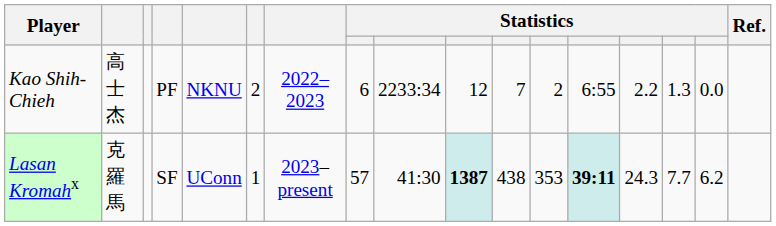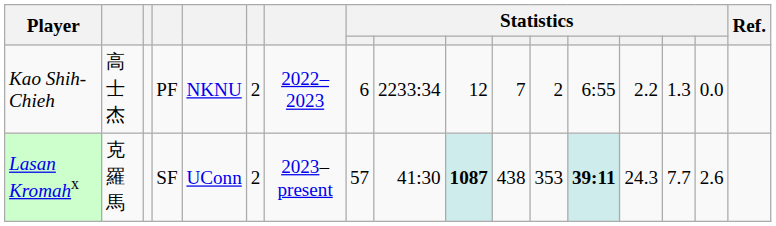 <table class="wikitable sortable" style="font-size:95%; text-align:right;">
 <tr>
 <th rowspan="2">Player</th>
 <th rowspan="2"></th>
 <th rowspan="2"></th>
 <th rowspan="2"></th>
 <th rowspan="2"></th>
 <th rowspan="2"></th>
 <th rowspan="2"></th>
 <th colspan="9">Statistics</th>
 <th rowspan="2">Ref.</th>
 </tr>
 <tr>
 <th></th>
 <th></th>
 <th></th>
 <th></th>
 <th></th>
 <th></th>
 <th></th>
 <th></th>
 <th></th>
 </tr>
 <tr>
 <td align="left"><em>Kao Shih-Chieh</em></td>
 <td align="left">高士杰</td>
 <td align="center"></td>
 <td align="center">PF</td>
 <td align="left"><a href='#'>NKNU</a></td>
 <td align="center">2</td>
 <td align="center"><a href='#'>2022–2023</a></td>
 <td>6</td>
 <td>2233:34</td>
 <td>12</td>
 <td>7</td>
 <td>2</td>
 <td>6:55</td>
 <td>2.2</td>
 <td>1.3</td>
 <td>0.0</td>
 <td align="center"></td>
 </tr>
 <tr>
 <td align="left" bgcolor="#CCFFCC"><em><a href='#'>Lasan Kromah</a></em><sup>x</sup></td>
 <td align="left">克羅馬</td>
 <td align="center"></td>
 <td align="center">SF</td>
 <td align="left"><a href='#'>UConn</a></td>
-<td align="center">1</td>
+<td align="center">2</td>
 <td align="center"><a href='#'>2023</a>–<a href='#'>present</a></td>
 <td>57</td>
 <td>41:30</td>
-<td bgcolor="#CFECEC"><strong>1387</strong></td>
+<td bgcolor="#CFECEC"><strong>1087</strong></td>
 <td>438</td>
 <td>353</td>
 <td bgcolor="#CFECEC"><strong>39:11</strong></td>
 <td>24.3</td>
 <td>7.7</td>
-<td>6.2</td>
+<td>2.6</td>
 <td align="center"></td>
 </tr>
 </table>
